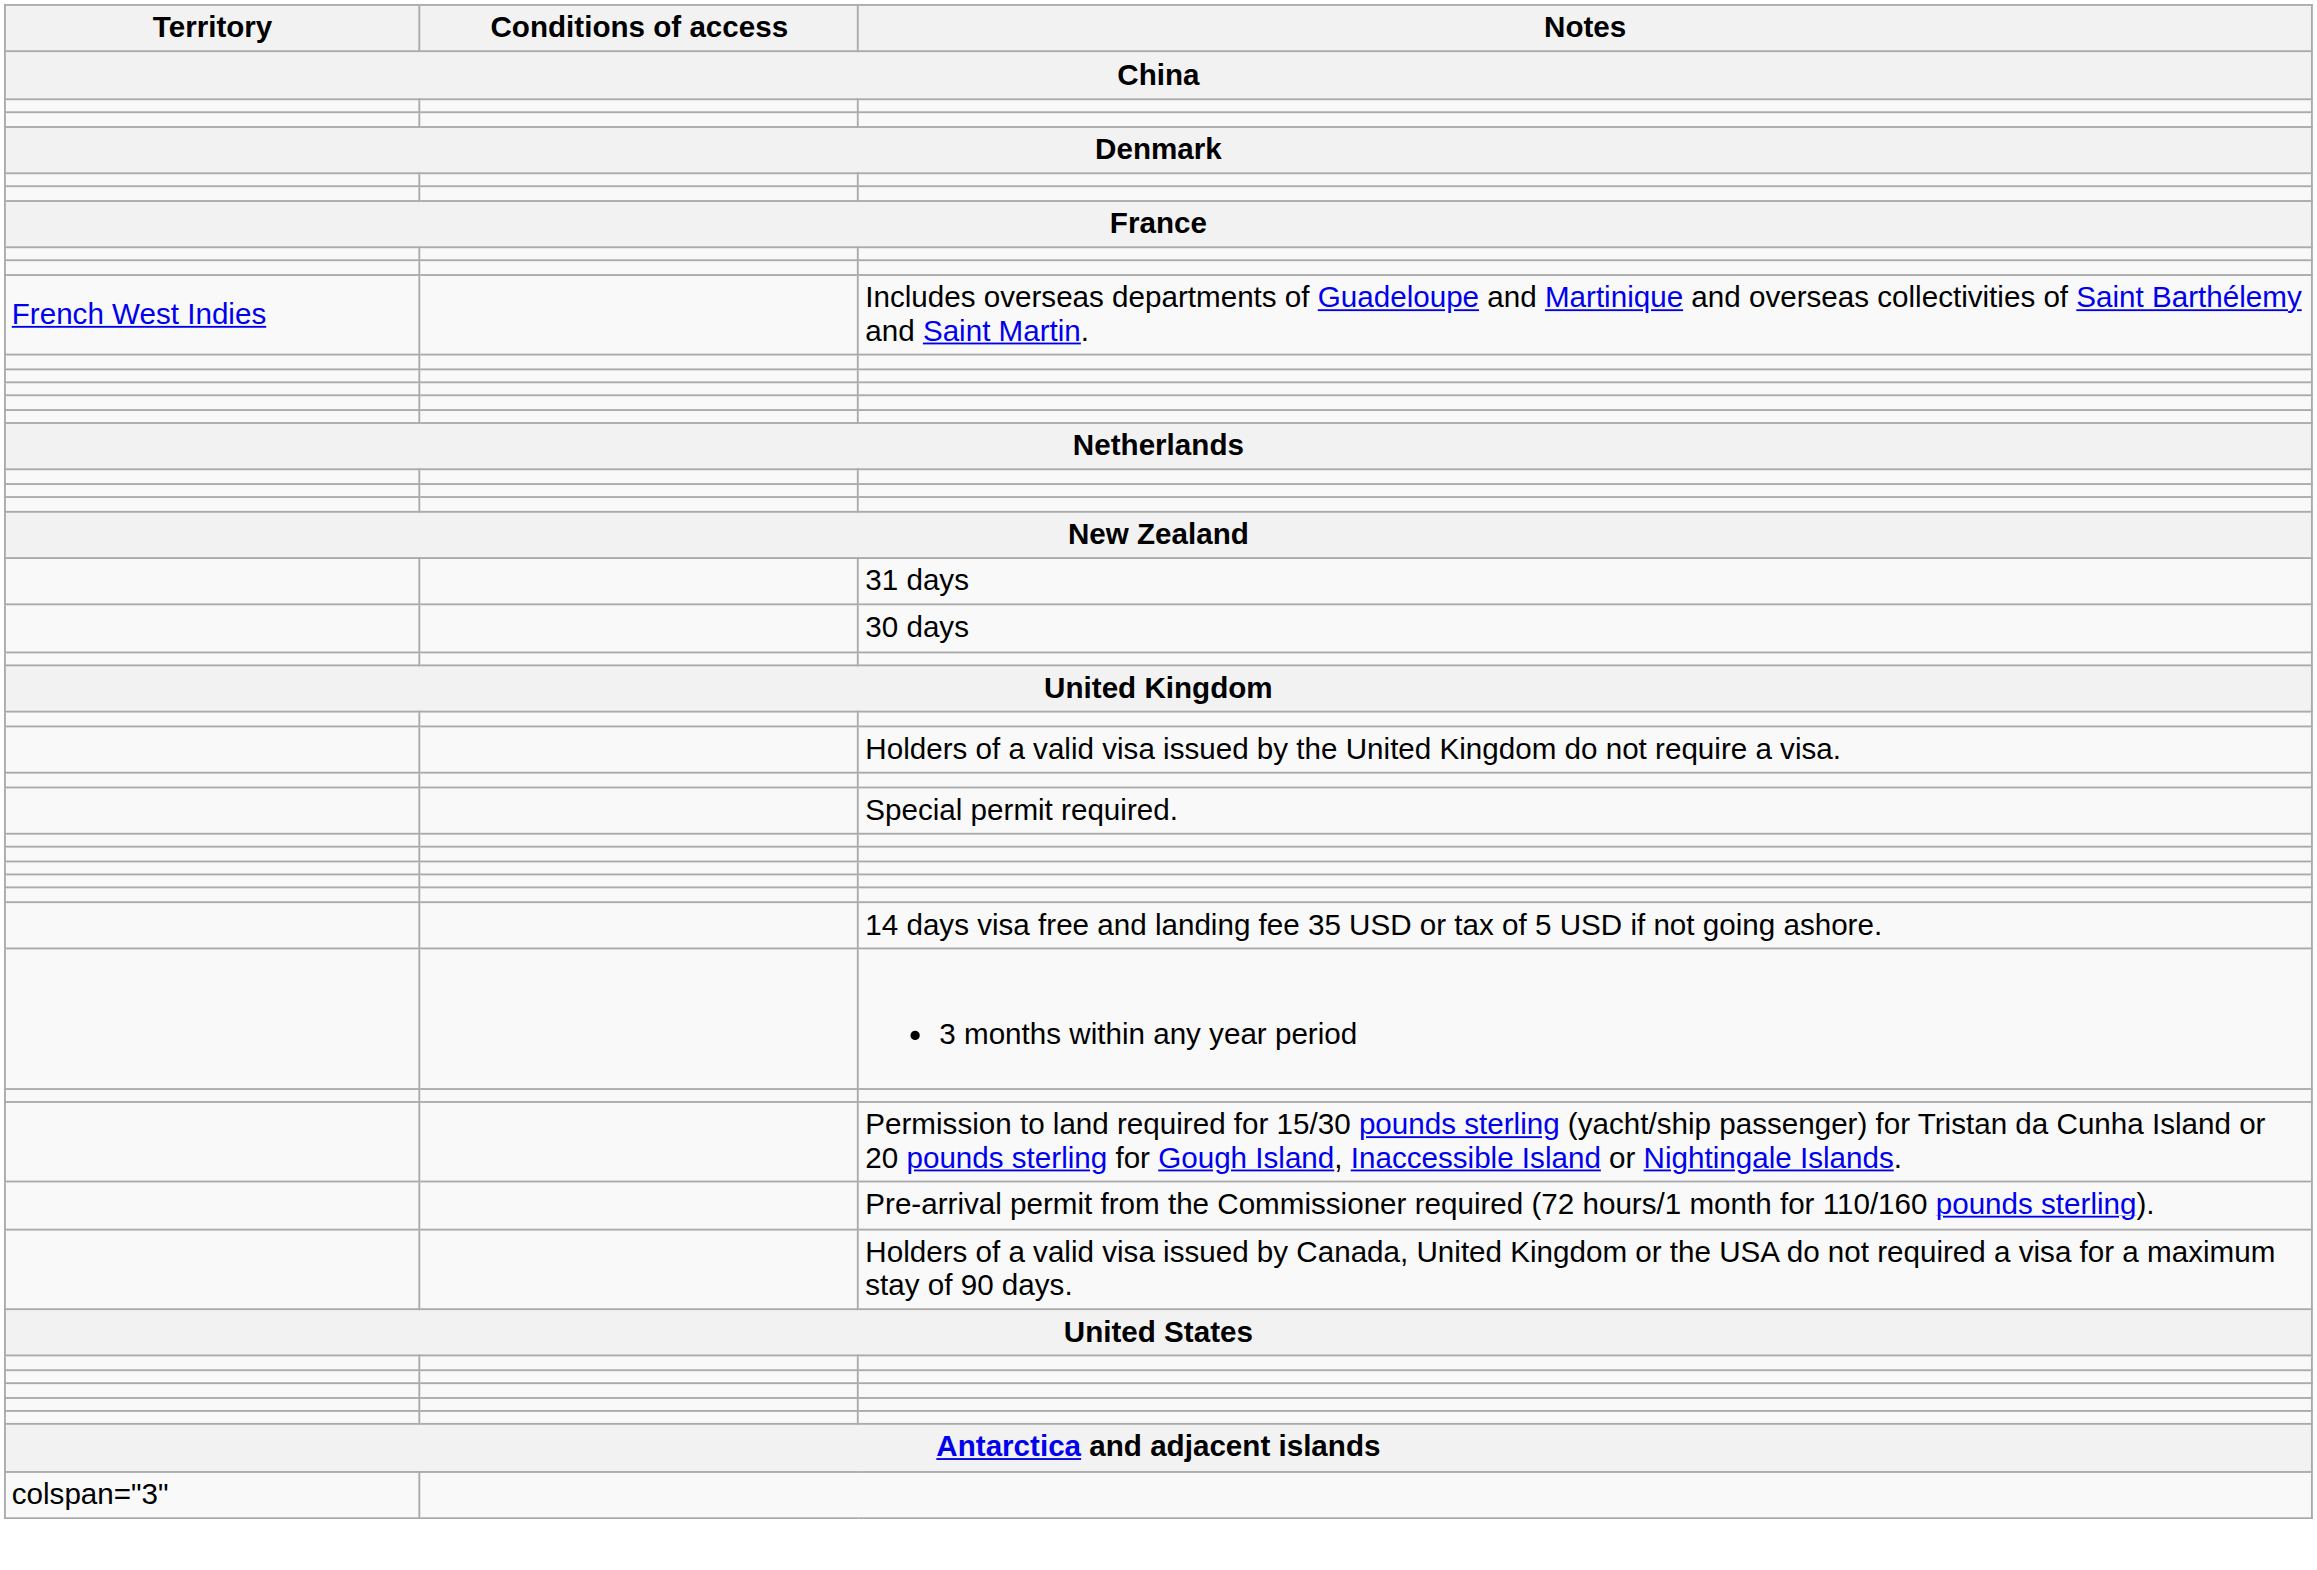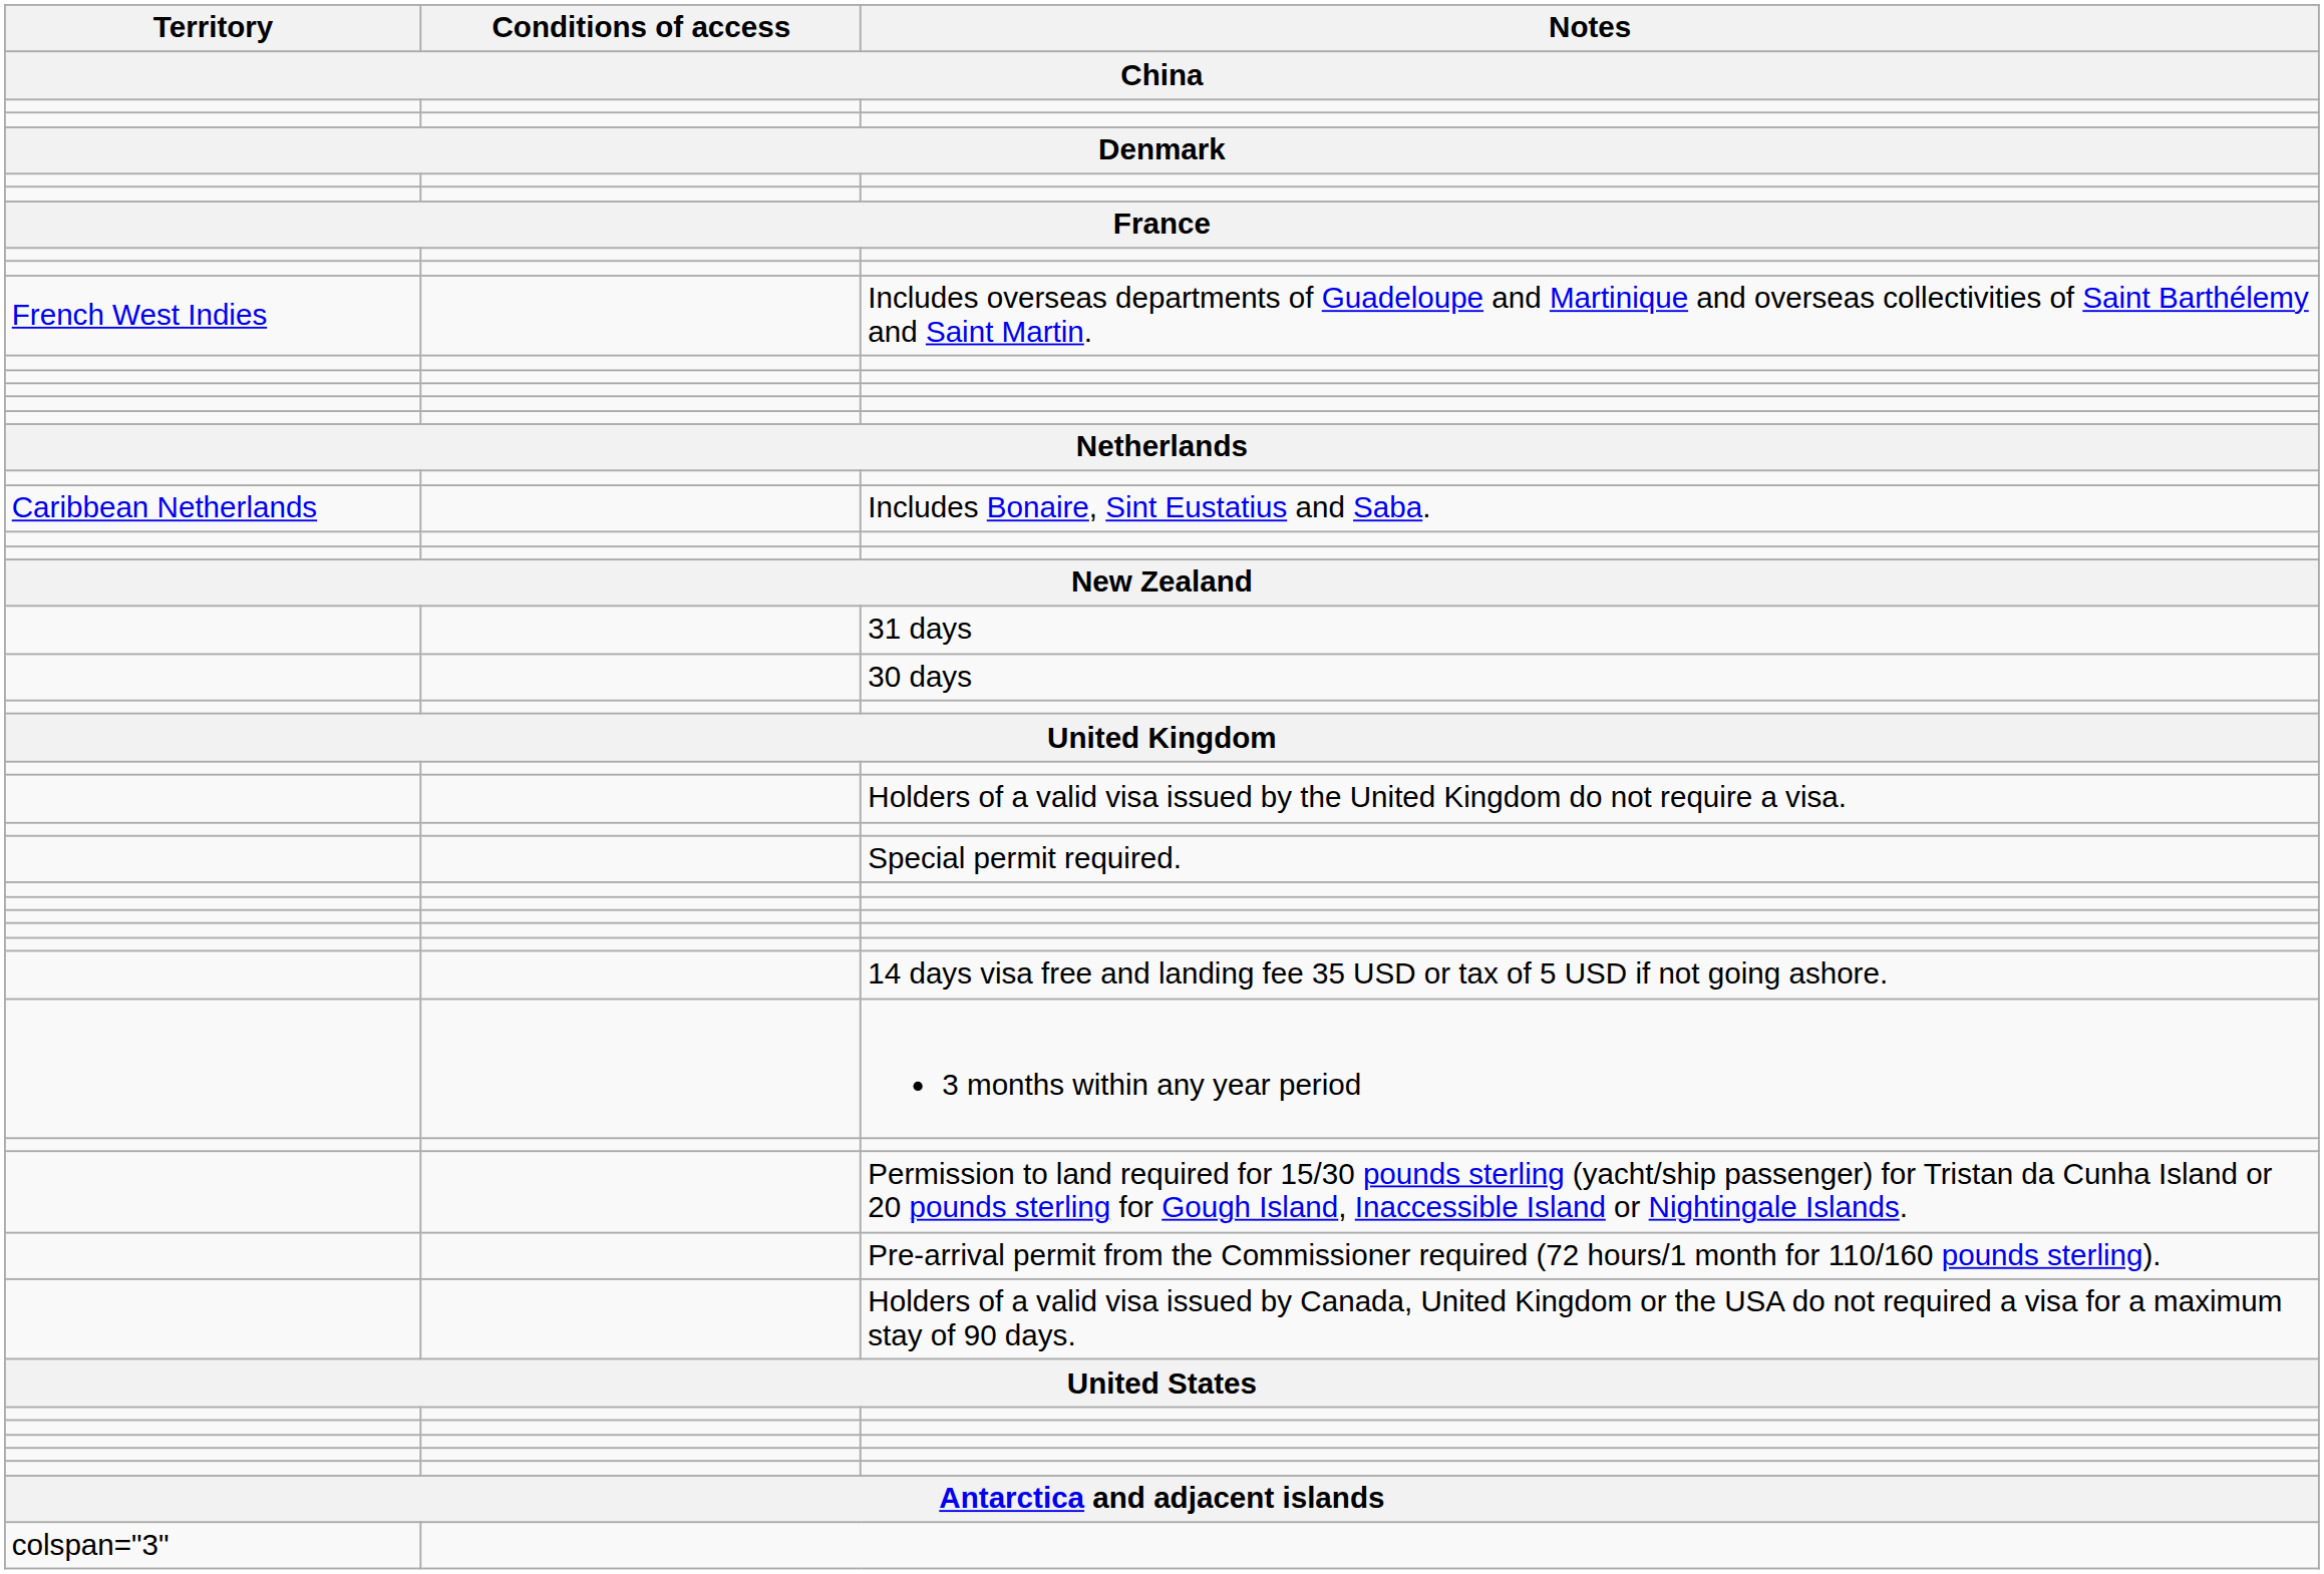 <table class="wikitable" style="text-align: left; table-layout: fixed;">
 <tr>
 <th style="width:18%;">Territory</th>
 <th style="width:19%;">Conditions of access</th>
 <th>Notes</th>
 </tr>
 <tr>
 <th colspan="3">China</th>
 </tr>
 <tr>
 <td></td>
 <td></td>
 <td></td>
 </tr>
 <tr>
 <td></td>
 <td></td>
 <td></td>
 </tr>
 <tr>
 <th colspan="3">Denmark</th>
 </tr>
 <tr>
 <td></td>
 <td></td>
 <td></td>
 </tr>
 <tr>
 <td></td>
 <td></td>
 <td></td>
 </tr>
 <tr>
 <th colspan="3">France</th>
 </tr>
 <tr>
 <td></td>
 <td></td>
 <td></td>
 </tr>
 <tr>
 <td></td>
 <td></td>
 <td></td>
 </tr>
 <tr>
 <td> <a href='#'>French West Indies</a></td>
 <td> </td>
 <td>Includes overseas departments of <a href='#'>Guadeloupe</a> and <a href='#'>Martinique</a> and overseas collectivities of <a href='#'>Saint Barthélemy</a> and <a href='#'>Saint Martin</a>.</td>
 </tr>
 <tr>
 <td></td>
 <td></td>
 <td></td>
 </tr>
 <tr>
 <td></td>
 <td></td>
 <td></td>
 </tr>
 <tr>
 <td></td>
 <td></td>
 <td></td>
 </tr>
 <tr>
 <td></td>
 <td></td>
 <td></td>
 </tr>
 <tr>
 <td></td>
 <td></td>
 <td></td>
 </tr>
 <tr>
 <th colspan="3">Netherlands</th>
 </tr>
 <tr>
 <td></td>
 <td></td>
 <td></td>
+</tr>
+<tr>
+<td> <a href='#'>Caribbean Netherlands</a></td>
+<td></td>
+<td>Includes <a href='#'>Bonaire</a>, <a href='#'>Sint Eustatius</a> and <a href='#'>Saba</a>.</td>
 </tr>
 <tr>
 <td></td>
 <td></td>
 <td></td>
 </tr>
 <tr>
 <td></td>
 <td></td>
 <td></td>
 </tr>
 <tr>
 <th colspan="3">New Zealand</th>
 </tr>
 <tr>
 <td></td>
 <td></td>
 <td>31 days</td>
 </tr>
 <tr>
 <td></td>
 <td></td>
 <td>30 days</td>
 </tr>
 <tr>
 <td></td>
 <td></td>
 <td></td>
 </tr>
 <tr>
 <th colspan="3">United Kingdom</th>
 </tr>
 <tr>
 <td></td>
 <td></td>
 <td></td>
 </tr>
 <tr>
 <td></td>
 <td></td>
 <td>Holders of a valid visa issued by the United Kingdom do not require a visa.</td>
 </tr>
 <tr>
 <td></td>
 <td></td>
 <td></td>
 </tr>
 <tr>
 <td></td>
 <td></td>
 <td>Special permit required.</td>
 </tr>
 <tr>
 <td></td>
 <td></td>
 <td></td>
 </tr>
 <tr>
 <td></td>
 <td></td>
 <td></td>
 </tr>
 <tr>
 <td></td>
 <td></td>
 <td></td>
 </tr>
 <tr>
 <td></td>
 <td></td>
 <td></td>
 </tr>
 <tr>
 <td></td>
 <td></td>
 <td></td>
 </tr>
 <tr>
 <td></td>
 <td></td>
 <td>14 days visa free and landing fee 35 USD or tax of 5 USD if not going ashore.</td>
 </tr>
 <tr>
 <td></td>
 <td></td>
 <td><br><ul><li>3 months within any year period</li></ul></td>
 </tr>
 <tr>
 <td></td>
 <td></td>
 <td></td>
 </tr>
 <tr>
 <td></td>
 <td></td>
 <td>Permission to land required for 15/30 <a href='#'>pounds sterling</a> (yacht/ship passenger) for Tristan da Cunha Island or 20 <a href='#'>pounds sterling</a> for <a href='#'>Gough Island</a>, <a href='#'>Inaccessible Island</a> or <a href='#'>Nightingale Islands</a>.</td>
 </tr>
 <tr>
 <td></td>
 <td></td>
 <td>Pre-arrival permit from the Commissioner required (72 hours/1 month for 110/160 <a href='#'>pounds sterling</a>).</td>
 </tr>
 <tr>
 <td></td>
 <td></td>
 <td>Holders of a valid visa issued by Canada, United Kingdom or the USA do not required a visa for a maximum stay of 90 days.</td>
 </tr>
 <tr>
 <th colspan="3">United States</th>
 </tr>
 <tr>
 <td></td>
 <td></td>
 <td></td>
 </tr>
 <tr>
 <td></td>
 <td></td>
 <td></td>
 </tr>
 <tr>
 <td></td>
 <td></td>
 <td></td>
 </tr>
 <tr>
 <td></td>
 <td></td>
 <td></td>
 </tr>
 <tr>
 <td></td>
 <td></td>
 <td></td>
 </tr>
 <tr>
 <th colspan="3"><a href='#'>Antarctica</a> and adjacent islands</th>
 </tr>
 <tr>
 <td>colspan="3" </td>
 </tr>
 </table>
